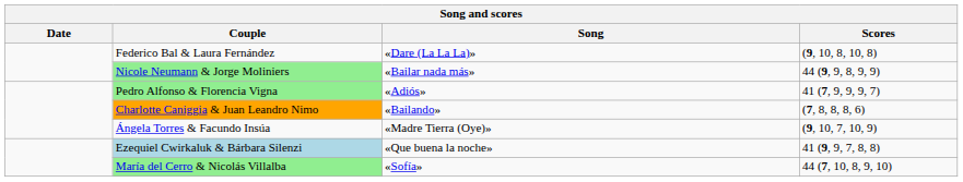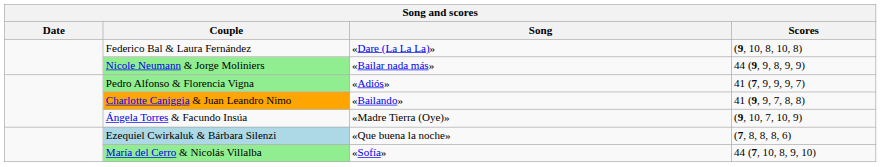 <table class="wikitable collapsible collapsed" style=" text-align: align; width: 100%;">
 <tr>
 <th colspan="11" style="with: 100%;" align="center">Song and scores</th>
 </tr>
 <tr>
 <th width=80>Date</th>
 <th width=210>Couple</th>
 <th width=330>Song</th>
 <th width=120>Scores</th>
 </tr>
 <tr>
 <td rowspan="2"></td>
 <td bgcolor="">Federico Bal & Laura Fernández</td>
 <td>«<a href='#'>Dare (La La La)</a>» </td>
 <td> (<strong>9</strong>, 10, 8, 10, 8)</td>
 </tr>
 <tr>
 <td bgcolor="lightgreen"><a href='#'>Nicole Neumann</a> & Jorge Moliniers</td>
 <td>«<a href='#'>Bailar nada más</a>» </td>
 <td>44 (<strong>9</strong>, 9, 8, 9, 9)</td>
 </tr>
 <tr>
 <td rowspan="3"></td>
 <td bgcolor="lightgreen">Pedro Alfonso & Florencia Vigna</td>
 <td>«<a href='#'>Adiós</a>» </td>
 <td>41 (<strong>7</strong>, 9, 9, 9, 7)</td>
 </tr>
 <tr>
 <td bgcolor="orange"><a href='#'>Charlotte Caniggia</a> & Juan Leandro Nimo</td>
 <td>«<a href='#'>Bailando</a>» </td>
-<td> (<strong>7</strong>, 8, 8, 8, 6)</td>
+<td>41 (<strong>9</strong>, 9, 7, 8, 8)</td>
 </tr>
 <tr>
 <td bgcolor=""><a href='#'>Ángela Torres</a> & Facundo Insúa</td>
 <td>«Madre Tierra (Oye)» </td>
 <td> (<strong>9</strong>, 10, 7, 10, 9)</td>
 </tr>
 <tr>
 <td rowspan="2"></td>
 <td bgcolor="lightblue">Ezequiel Cwirkaluk & Bárbara Silenzi</td>
 <td>«Que buena la noche» </td>
-<td>41 (<strong>9</strong>, 9, 7, 8, 8)</td>
+<td> (<strong>7</strong>, 8, 8, 8, 6)</td>
 </tr>
 <tr>
 <td bgcolor="lightgreen"><a href='#'>María del Cerro</a> & Nicolás Villalba</td>
 <td>«<a href='#'>Sofía</a>» </td>
 <td>44 (<strong>7</strong>, 10, 8, 9, 10)</td>
 </tr>
 </table>
